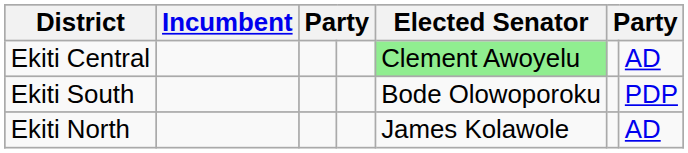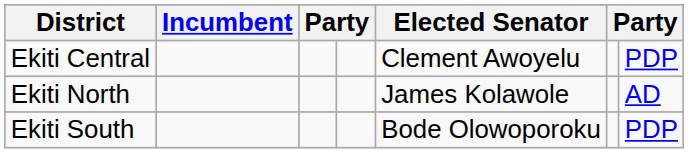 <table class="sortable wikitable" style="font-size:95%;line-height:14px;">
 <tr>
 <th class="unsortable">District</th>
 <th class="unsortable"><a href='#'>Incumbent</a></th>
 <th colspan="2">Party</th>
 <th class="unsortable">Elected Senator</th>
 <th colspan="2">Party</th>
 </tr>
 <tr>
 <td>Ekiti Central</td>
 <td></td>
 <td></td>
 <td></td>
-<td style="background: lightgreen;">Clement Awoyelu</td>
+<td>Clement Awoyelu</td>
+<td style="background:"></td>
+<td><a href='#'>PDP</a></td>
+</tr>
+<tr>
+<td>Ekiti North</td>
+<td></td>
+<td></td>
+<td></td>
+<td>James Kolawole</td>
 <td style="background:"></td>
 <td><a href='#'>AD</a></td>
 </tr>
 <tr>
 <td>Ekiti South</td>
 <td></td>
 <td></td>
 <td></td>
 <td>Bode Olowoporoku</td>
 <td style="background:"></td>
 <td><a href='#'>PDP</a></td>
 </tr>
-<tr>
-<td>Ekiti North</td>
-<td></td>
-<td></td>
-<td></td>
-<td>James Kolawole</td>
-<td style="background:"></td>
-<td><a href='#'>AD</a></td>
-</tr>
 </table>
